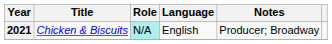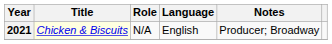 <table class="wikitable plainrowheaders sortable" style="margin-right: 0;">
 <tr>
 <th scope="col">Year</th>
 <th scope="col">Title</th>
 <th scope="col">Role</th>
 <th scope="col">Language</th>
 <th scope="col" class="unsortable">Notes</th>
 <th scope="col" class="unsortable"></th>
 </tr>
 <tr>
 <th scope="row">2021</th>
-<td><em><a href='#'>Chicken & Biscuits</a></em></td>
-<td style="background: paleturquoise;">N/A</td>
+<td style="background: lightyellow;"><em><a href='#'>Chicken & Biscuits</a></em></td>
+<td>N/A</td>
 <td>English</td>
 <td>Producer; Broadway</td>
 <td></td>
 </tr>
 <tr>
 </tr>
 </table>
